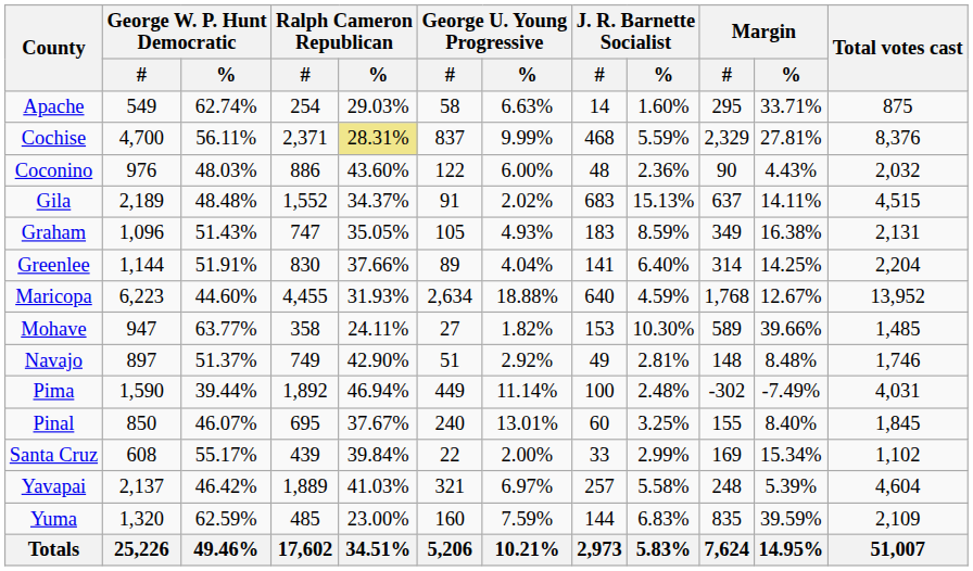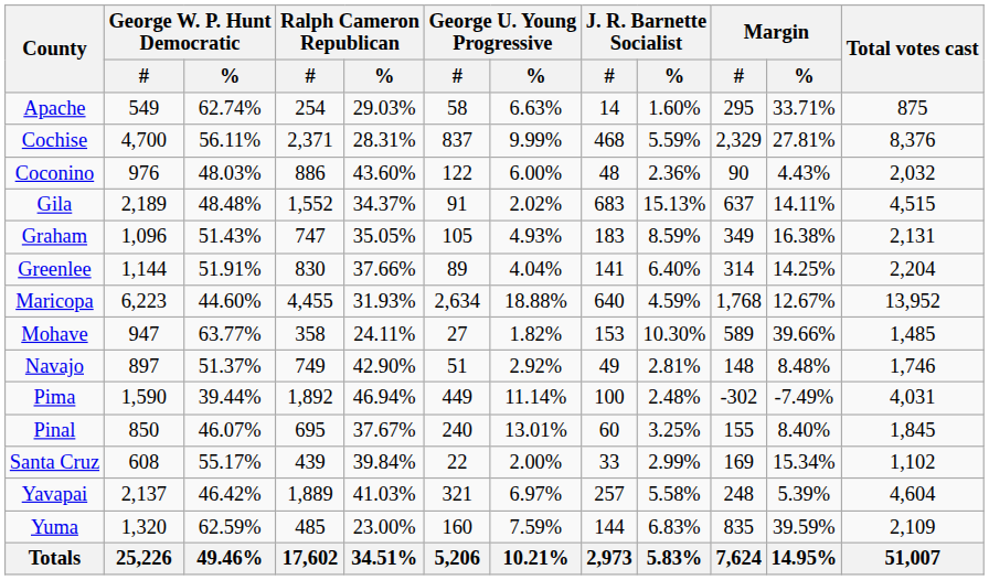 <table class="wikitable sortable" style="text-align:center">
 <tr>
 <th rowspan="2">County</th>
 <th style="text-align:center;" colspan="2">George W. P. Hunt<br>Democratic</th>
 <th style="text-align:center;" colspan="2">Ralph Cameron<br>Republican</th>
 <th style="text-align:center;" colspan="2">George U. Young<br>Progressive</th>
 <th style="text-align:center;" colspan="2">J. R. Barnette<br>Socialist</th>
 <th style="text-align:center;" colspan="2">Margin</th>
 <th style="text-align:center;" rowspan="2">Total votes cast</th>
 </tr>
 <tr>
 <th style="text-align:center;" data-sort-type="number">#</th>
 <th style="text-align:center;" data-sort-type="number">%</th>
 <th style="text-align:center;" data-sort-type="number">#</th>
 <th style="text-align:center;" data-sort-type="number">%</th>
 <th style="text-align:center;" data-sort-type="number">#</th>
 <th style="text-align:center;" data-sort-type="number">%</th>
 <th style="text-align:center;" data-sort-type="number">#</th>
 <th style="text-align:center;" data-sort-type="number">%</th>
 <th style="text-align:center;" data-sort-type="number">#</th>
 <th style="text-align:center;" data-sort-type="number">%</th>
 </tr>
 <tr style="text-align:center;">
 <td><a href='#'>Apache</a></td>
 <td>549</td>
 <td>62.74%</td>
 <td>254</td>
 <td>29.03%</td>
 <td>58</td>
 <td>6.63%</td>
 <td>14</td>
 <td>1.60%</td>
 <td>295</td>
 <td>33.71%</td>
 <td>875</td>
 </tr>
 <tr style="text-align:center;">
 <td><a href='#'>Cochise</a></td>
 <td>4,700</td>
 <td>56.11%</td>
 <td>2,371</td>
-<td style="background: khaki;">28.31%</td>
+<td>28.31%</td>
 <td>837</td>
 <td>9.99%</td>
 <td>468</td>
 <td>5.59%</td>
 <td>2,329</td>
 <td>27.81%</td>
 <td>8,376</td>
 </tr>
 <tr style="text-align:center;">
 <td><a href='#'>Coconino</a></td>
 <td>976</td>
 <td>48.03%</td>
 <td>886</td>
 <td>43.60%</td>
 <td>122</td>
 <td>6.00%</td>
 <td>48</td>
 <td>2.36%</td>
 <td>90</td>
 <td>4.43%</td>
 <td>2,032</td>
 </tr>
 <tr style="text-align:center;">
 <td><a href='#'>Gila</a></td>
 <td>2,189</td>
 <td>48.48%</td>
 <td>1,552</td>
 <td>34.37%</td>
 <td>91</td>
 <td>2.02%</td>
 <td>683</td>
 <td>15.13%</td>
 <td>637</td>
 <td>14.11%</td>
 <td>4,515</td>
 </tr>
 <tr style="text-align:center;">
 <td><a href='#'>Graham</a></td>
 <td>1,096</td>
 <td>51.43%</td>
 <td>747</td>
 <td>35.05%</td>
 <td>105</td>
 <td>4.93%</td>
 <td>183</td>
 <td>8.59%</td>
 <td>349</td>
 <td>16.38%</td>
 <td>2,131</td>
 </tr>
 <tr style="text-align:center;">
 <td><a href='#'>Greenlee</a></td>
 <td>1,144</td>
 <td>51.91%</td>
 <td>830</td>
 <td>37.66%</td>
 <td>89</td>
 <td>4.04%</td>
 <td>141</td>
 <td>6.40%</td>
 <td>314</td>
 <td>14.25%</td>
 <td>2,204</td>
 </tr>
 <tr style="text-align:center;">
 <td><a href='#'>Maricopa</a></td>
 <td>6,223</td>
 <td>44.60%</td>
 <td>4,455</td>
 <td>31.93%</td>
 <td>2,634</td>
 <td>18.88%</td>
 <td>640</td>
 <td>4.59%</td>
 <td>1,768</td>
 <td>12.67%</td>
 <td>13,952</td>
 </tr>
 <tr style="text-align:center;">
 <td><a href='#'>Mohave</a></td>
 <td>947</td>
 <td>63.77%</td>
 <td>358</td>
 <td>24.11%</td>
 <td>27</td>
 <td>1.82%</td>
 <td>153</td>
 <td>10.30%</td>
 <td>589</td>
 <td>39.66%</td>
 <td>1,485</td>
 </tr>
 <tr style="text-align:center;">
 <td><a href='#'>Navajo</a></td>
 <td>897</td>
 <td>51.37%</td>
 <td>749</td>
 <td>42.90%</td>
 <td>51</td>
 <td>2.92%</td>
 <td>49</td>
 <td>2.81%</td>
 <td>148</td>
 <td>8.48%</td>
 <td>1,746</td>
 </tr>
 <tr style="text-align:center;">
 <td><a href='#'>Pima</a></td>
 <td>1,590</td>
 <td>39.44%</td>
 <td>1,892</td>
 <td>46.94%</td>
 <td>449</td>
 <td>11.14%</td>
 <td>100</td>
 <td>2.48%</td>
 <td>-302</td>
 <td>-7.49%</td>
 <td>4,031</td>
 </tr>
 <tr style="text-align:center;">
 <td><a href='#'>Pinal</a></td>
 <td>850</td>
 <td>46.07%</td>
 <td>695</td>
 <td>37.67%</td>
 <td>240</td>
 <td>13.01%</td>
 <td>60</td>
 <td>3.25%</td>
 <td>155</td>
 <td>8.40%</td>
 <td>1,845</td>
 </tr>
 <tr style="text-align:center;">
 <td><a href='#'>Santa Cruz</a></td>
 <td>608</td>
 <td>55.17%</td>
 <td>439</td>
 <td>39.84%</td>
 <td>22</td>
 <td>2.00%</td>
 <td>33</td>
 <td>2.99%</td>
 <td>169</td>
 <td>15.34%</td>
 <td>1,102</td>
 </tr>
 <tr style="text-align:center;">
 <td><a href='#'>Yavapai</a></td>
 <td>2,137</td>
 <td>46.42%</td>
 <td>1,889</td>
 <td>41.03%</td>
 <td>321</td>
 <td>6.97%</td>
 <td>257</td>
 <td>5.58%</td>
 <td>248</td>
 <td>5.39%</td>
 <td>4,604</td>
 </tr>
 <tr style="text-align:center;">
 <td><a href='#'>Yuma</a></td>
 <td>1,320</td>
 <td>62.59%</td>
 <td>485</td>
 <td>23.00%</td>
 <td>160</td>
 <td>7.59%</td>
 <td>144</td>
 <td>6.83%</td>
 <td>835</td>
 <td>39.59%</td>
 <td>2,109</td>
 </tr>
 <tr style="text-align:center;">
 <th>Totals</th>
 <th>25,226</th>
 <th>49.46%</th>
 <th>17,602</th>
 <th>34.51%</th>
 <th>5,206</th>
 <th>10.21%</th>
 <th>2,973</th>
 <th>5.83%</th>
 <th>7,624</th>
 <th>14.95%</th>
 <th>51,007</th>
 </tr>
 </table>
